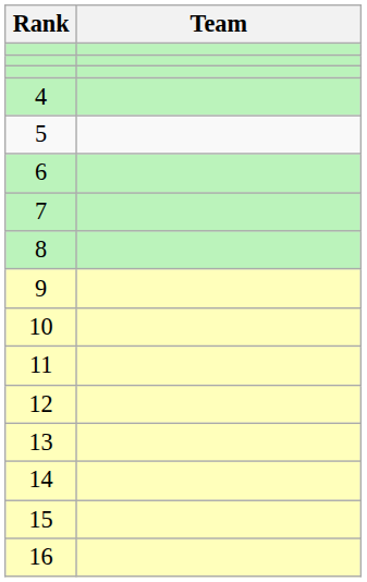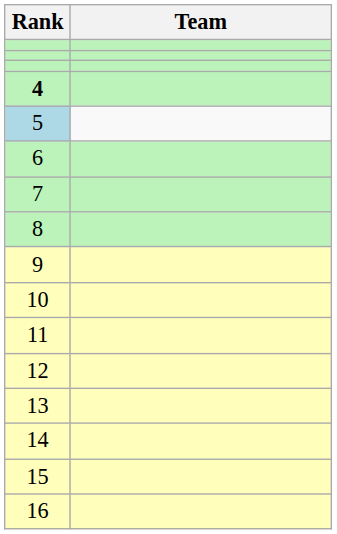 <table class="wikitable">
 <tr>
 <th style="width: 40px;">Rank</th>
 <th style="width: 180px;">Team</th>
 </tr>
 <tr style="background-color:#BBF3BB">
 <td style="text-align: center;"></td>
 <td></td>
 </tr>
 <tr style="background-color:#BBF3BB">
 <td style="text-align: center;"></td>
 <td></td>
 </tr>
 <tr style="background-color:#BBF3BB">
 <td style="text-align: center;"></td>
 <td></td>
 </tr>
 <tr style="background-color:#BBF3BB">
-<td style="text-align: center;">4</td>
+<td style="text-align: center;"><strong>4</strong></td>
 <td></td>
 </tr>
 <tr>
-<td style="text-align: center;">5</td>
+<td style="background: lightblue; text-align: center;">5</td>
 <td></td>
 </tr>
 <tr style="background-color:#BBF3BB">
 <td style="text-align: center;">6</td>
 <td></td>
 </tr>
 <tr style="background-color:#BBF3BB">
 <td style="text-align: center;">7</td>
 <td></td>
 </tr>
 <tr style="background-color:#BBF3BB">
 <td style="text-align: center;">8</td>
 <td></td>
 </tr>
 <tr style="background-color:#FFFFBB">
 <td style="text-align: center;">9</td>
 <td></td>
 </tr>
 <tr style="background-color:#FFFFBB">
 <td style="text-align: center;">10</td>
 <td></td>
 </tr>
 <tr style="background-color:#FFFFBB">
 <td style="text-align: center;">11</td>
 <td></td>
 </tr>
 <tr style="background-color:#FFFFBB">
 <td style="text-align: center;">12</td>
 <td></td>
 </tr>
 <tr style="background-color:#FFFFBB">
 <td style="text-align: center;">13</td>
 <td></td>
 </tr>
 <tr style="background-color:#FFFFBB">
 <td style="text-align: center;">14</td>
 <td></td>
 </tr>
 <tr style="background-color:#FFFFBB">
 <td style="text-align: center;">15</td>
 <td></td>
 </tr>
 <tr style="background-color:#FFFFBB">
 <td style="text-align: center;">16</td>
 <td></td>
 </tr>
 </table>
